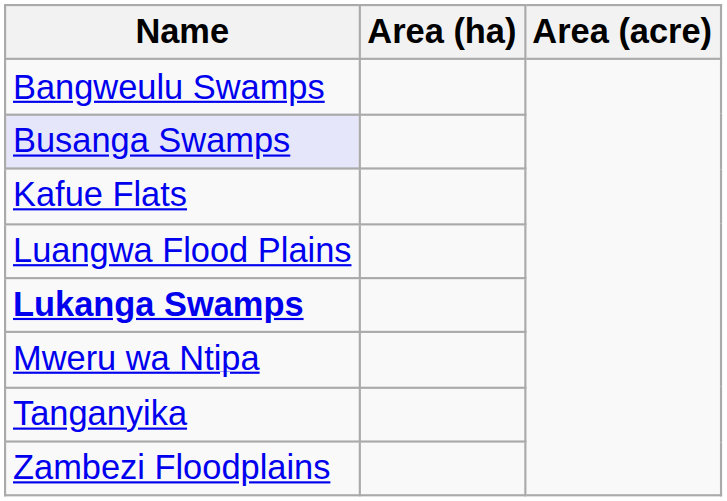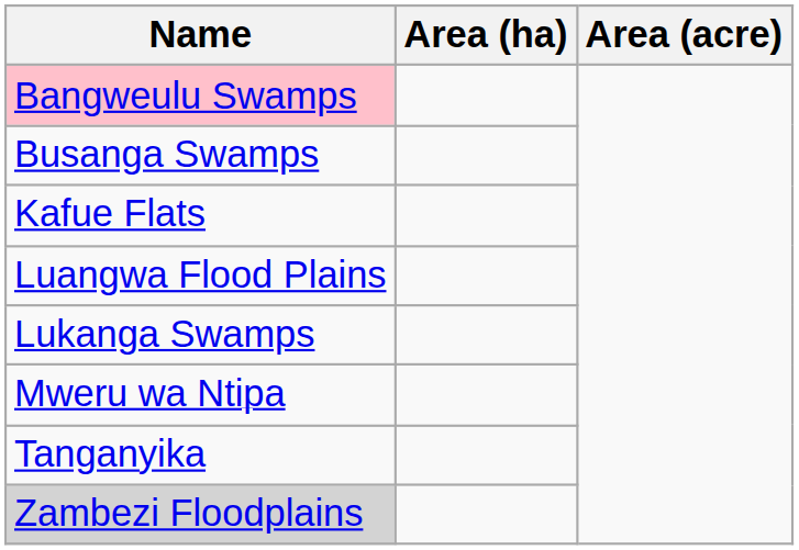 <table class="wikitable sortable">
 <tr>
 <th scope="col" align=left>Name</th>
 <th scope="col">Area (ha)</th>
 <th scope="col">Area (acre)</th>
 </tr>
 <tr ---->
-<td><a href='#'>Bangweulu Swamps</a></td>
+<td style="background: pink;"><a href='#'>Bangweulu Swamps</a></td>
 <td></td>
 </tr>
 <tr ---->
-<td style="background: lavender;"><a href='#'>Busanga Swamps</a></td>
+<td><a href='#'>Busanga Swamps</a></td>
 <td></td>
 </tr>
 <tr ---->
 <td><a href='#'>Kafue Flats</a></td>
 <td></td>
 </tr>
 <tr ---->
 <td><a href='#'>Luangwa Flood Plains</a></td>
 <td></td>
 </tr>
 <tr ---->
-<td><strong><a href='#'>Lukanga Swamps</a></strong></td>
+<td><a href='#'>Lukanga Swamps</a></td>
 <td></td>
 </tr>
 <tr ---->
 <td><a href='#'>Mweru wa Ntipa</a></td>
 <td></td>
 </tr>
 <tr ---->
 <td><a href='#'>Tanganyika</a></td>
 <td></td>
 </tr>
 <tr ---->
-<td><a href='#'>Zambezi Floodplains</a></td>
+<td style="background: lightgrey;"><a href='#'>Zambezi Floodplains</a></td>
 <td></td>
 </tr>
 </table>
